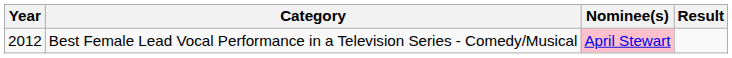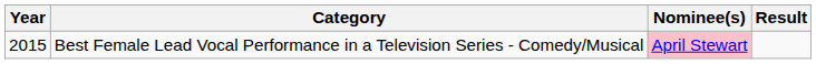 <table class="wikitable">
 <tr>
 <th>Year</th>
 <th>Category</th>
 <th>Nominee(s)</th>
 <th>Result</th>
 </tr>
 <tr>
-<td>2012</td>
+<td>2015</td>
 <td>Best Female Lead Vocal Performance in a Television Series - Comedy/Musical</td>
 <td style="background: pink;"><a href='#'>April Stewart</a></td>
 <td></td>
 </tr>
 </table>
